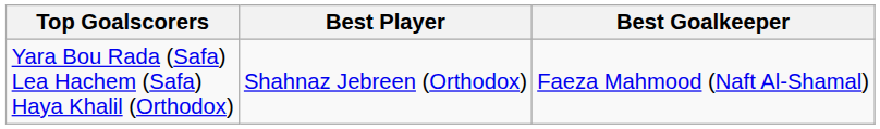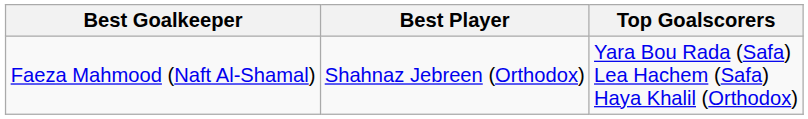 <table class="wikitable" style="text-align: left; margin: 0 auto;">
 <tr>
+<th>Best Goalkeeper</th>
+<th>Best Player</th>
 <th>Top Goalscorers</th>
-<th>Best Player</th>
-<th>Best Goalkeeper</th>
 </tr>
 <tr>
+<td> <a href='#'>Faeza Mahmood</a> (<a href='#'>Naft Al-Shamal</a>)</td>
+<td> <a href='#'>Shahnaz Jebreen</a> (<a href='#'>Orthodox</a>)</td>
 <td> <a href='#'>Yara Bou Rada</a> (<a href='#'>Safa</a>)<br> <a href='#'>Lea Hachem</a> (<a href='#'>Safa</a>)<br> <a href='#'>Haya Khalil</a> (<a href='#'>Orthodox</a>)</td>
-<td> <a href='#'>Shahnaz Jebreen</a> (<a href='#'>Orthodox</a>)</td>
-<td> <a href='#'>Faeza Mahmood</a> (<a href='#'>Naft Al-Shamal</a>)</td>
 </tr>
 </table>
